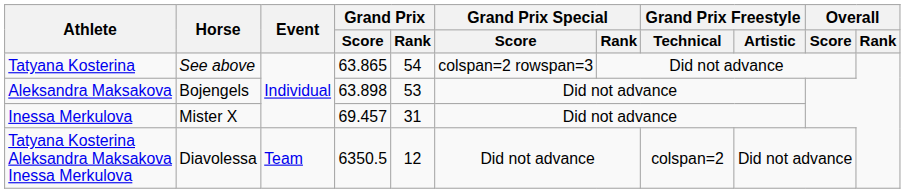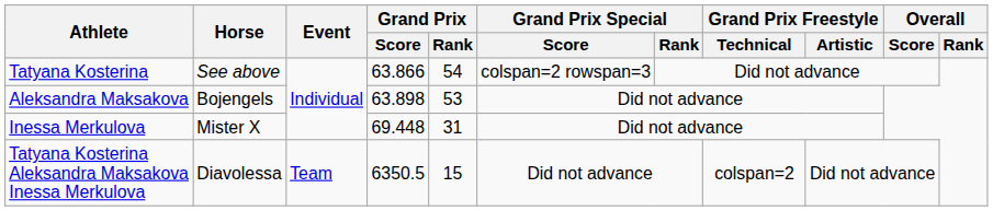 <table class="wikitable" style="text-align:center; font-size:90%">
 <tr>
 <th rowspan=2>Athlete</th>
 <th rowspan=2>Horse</th>
 <th rowspan=2>Event</th>
 <th colspan=2>Grand Prix</th>
 <th colspan=2>Grand Prix Special</th>
 <th colspan=2>Grand Prix Freestyle</th>
 <th colspan=2>Overall</th>
 </tr>
 <tr style="font-size:95%">
 <th>Score</th>
 <th>Rank</th>
 <th>Score</th>
 <th>Rank</th>
 <th>Technical</th>
 <th>Artistic</th>
 <th>Score</th>
 <th>Rank</th>
 </tr>
 <tr>
 <td align=left><a href='#'>Tatyana Kosterina</a></td>
 <td align=left><em>See above</em></td>
 <td rowspan=3 align=left><a href='#'>Individual</a></td>
-<td>63.865</td>
+<td>63.866</td>
 <td>54</td>
 <td>colspan=2 rowspan=3 </td>
 <td colspan=4>Did not advance</td>
 </tr>
 <tr>
 <td align=left><a href='#'>Aleksandra Maksakova</a></td>
 <td align=left>Bojengels</td>
 <td>63.898</td>
 <td>53</td>
 <td colspan=4>Did not advance</td>
 </tr>
 <tr>
 <td align=left><a href='#'>Inessa Merkulova</a></td>
 <td align=left>Mister X</td>
-<td>69.457</td>
+<td>69.448</td>
 <td>31</td>
 <td colspan=4>Did not advance</td>
 </tr>
 <tr>
 <td align=left><a href='#'>Tatyana Kosterina</a><br><a href='#'>Aleksandra Maksakova</a><br><a href='#'>Inessa Merkulova</a></td>
 <td align=left>Diavolessa</td>
 <td align=left><a href='#'>Team</a></td>
 <td>6350.5</td>
-<td>12</td>
+<td>15</td>
 <td colspan=2>Did not advance</td>
 <td>colspan=2 </td>
 <td colspan=2>Did not advance</td>
 </tr>
 </table>
